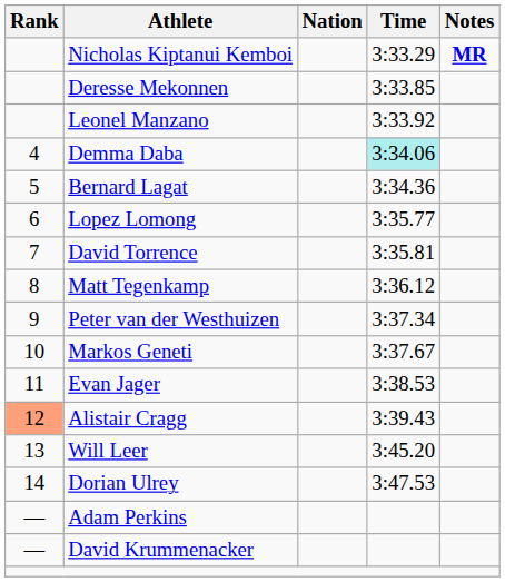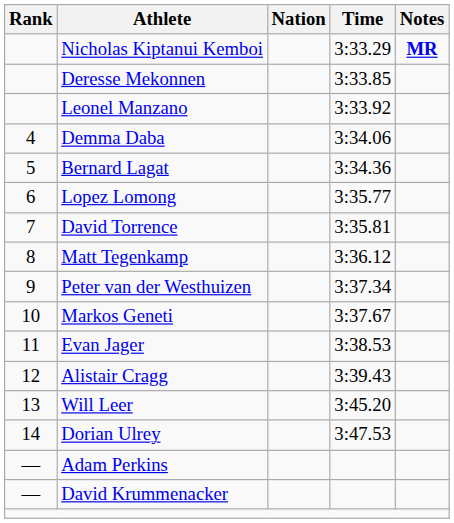 <table class="wikitable mw-datatable sortable" style="text-align:center;">
 <tr>
 <th>Rank</th>
 <th>Athlete</th>
 <th>Nation</th>
 <th>Time</th>
 <th>Notes</th>
 </tr>
 <tr>
 <td></td>
 <td align=left><a href='#'>Nicholas Kiptanui Kemboi</a></td>
 <td align=left></td>
 <td>3:33.29</td>
 <td><strong><a href='#'>MR</a></strong></td>
 </tr>
 <tr>
 <td></td>
 <td align=left><a href='#'>Deresse Mekonnen</a></td>
 <td align=left></td>
 <td>3:33.85</td>
 <td></td>
 </tr>
 <tr>
 <td></td>
 <td align=left><a href='#'>Leonel Manzano</a></td>
 <td align=left></td>
 <td>3:33.92</td>
 <td></td>
 </tr>
 <tr>
 <td>4</td>
 <td align=left><a href='#'>Demma Daba</a></td>
 <td align=left></td>
-<td style="background: paleturquoise;">3:34.06</td>
+<td>3:34.06</td>
 <td></td>
 </tr>
 <tr>
 <td>5</td>
 <td align=left><a href='#'>Bernard Lagat</a></td>
 <td align=left></td>
 <td>3:34.36</td>
 <td></td>
 </tr>
 <tr>
 <td>6</td>
 <td align=left><a href='#'>Lopez Lomong</a></td>
 <td align=left></td>
 <td>3:35.77</td>
 <td></td>
 </tr>
 <tr>
 <td>7</td>
 <td align=left><a href='#'>David Torrence</a></td>
 <td align=left></td>
 <td>3:35.81</td>
 <td></td>
 </tr>
 <tr>
 <td>8</td>
 <td align=left><a href='#'>Matt Tegenkamp</a></td>
 <td align=left></td>
 <td>3:36.12</td>
 <td></td>
 </tr>
 <tr>
 <td>9</td>
 <td align=left><a href='#'>Peter van der Westhuizen</a></td>
 <td align=left></td>
 <td>3:37.34</td>
 <td></td>
 </tr>
 <tr>
 <td>10</td>
 <td align=left><a href='#'>Markos Geneti</a></td>
 <td align=left></td>
 <td>3:37.67</td>
 <td></td>
 </tr>
 <tr>
 <td>11</td>
 <td align=left><a href='#'>Evan Jager</a></td>
 <td align=left></td>
 <td>3:38.53</td>
 <td></td>
 </tr>
 <tr>
-<td style="background: lightsalmon;">12</td>
+<td>12</td>
 <td align=left><a href='#'>Alistair Cragg</a></td>
 <td align=left></td>
 <td>3:39.43</td>
 <td></td>
 </tr>
 <tr>
 <td>13</td>
 <td align=left><a href='#'>Will Leer</a></td>
 <td align=left></td>
 <td>3:45.20</td>
 <td></td>
 </tr>
 <tr>
 <td>14</td>
 <td align=left><a href='#'>Dorian Ulrey</a></td>
 <td align=left></td>
 <td>3:47.53</td>
 <td></td>
 </tr>
 <tr>
 <td>—</td>
 <td align=left><a href='#'>Adam Perkins</a></td>
 <td align=left></td>
 <td></td>
 <td></td>
 </tr>
 <tr>
 <td>—</td>
 <td align=left><a href='#'>David Krummenacker</a></td>
 <td align=left></td>
 <td></td>
 <td></td>
 </tr>
 <tr class="sortbottom">
 <td colspan=5></td>
 </tr>
 </table>
